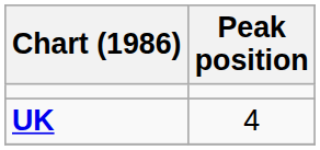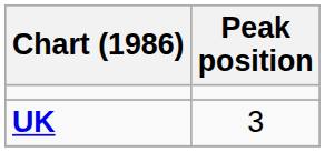 <table class="wikitable">
 <tr>
 <th>Chart (1986)</th>
 <th>Peak<br>position</th>
 </tr>
 <tr>
 <td></td>
 </tr>
 <tr>
 <td><strong><a href='#'>UK</a></strong></td>
-<td style="text-align:center;">4</td>
+<td style="text-align:center;">3</td>
 </tr>
 <tr>
 </tr>
 </table>
